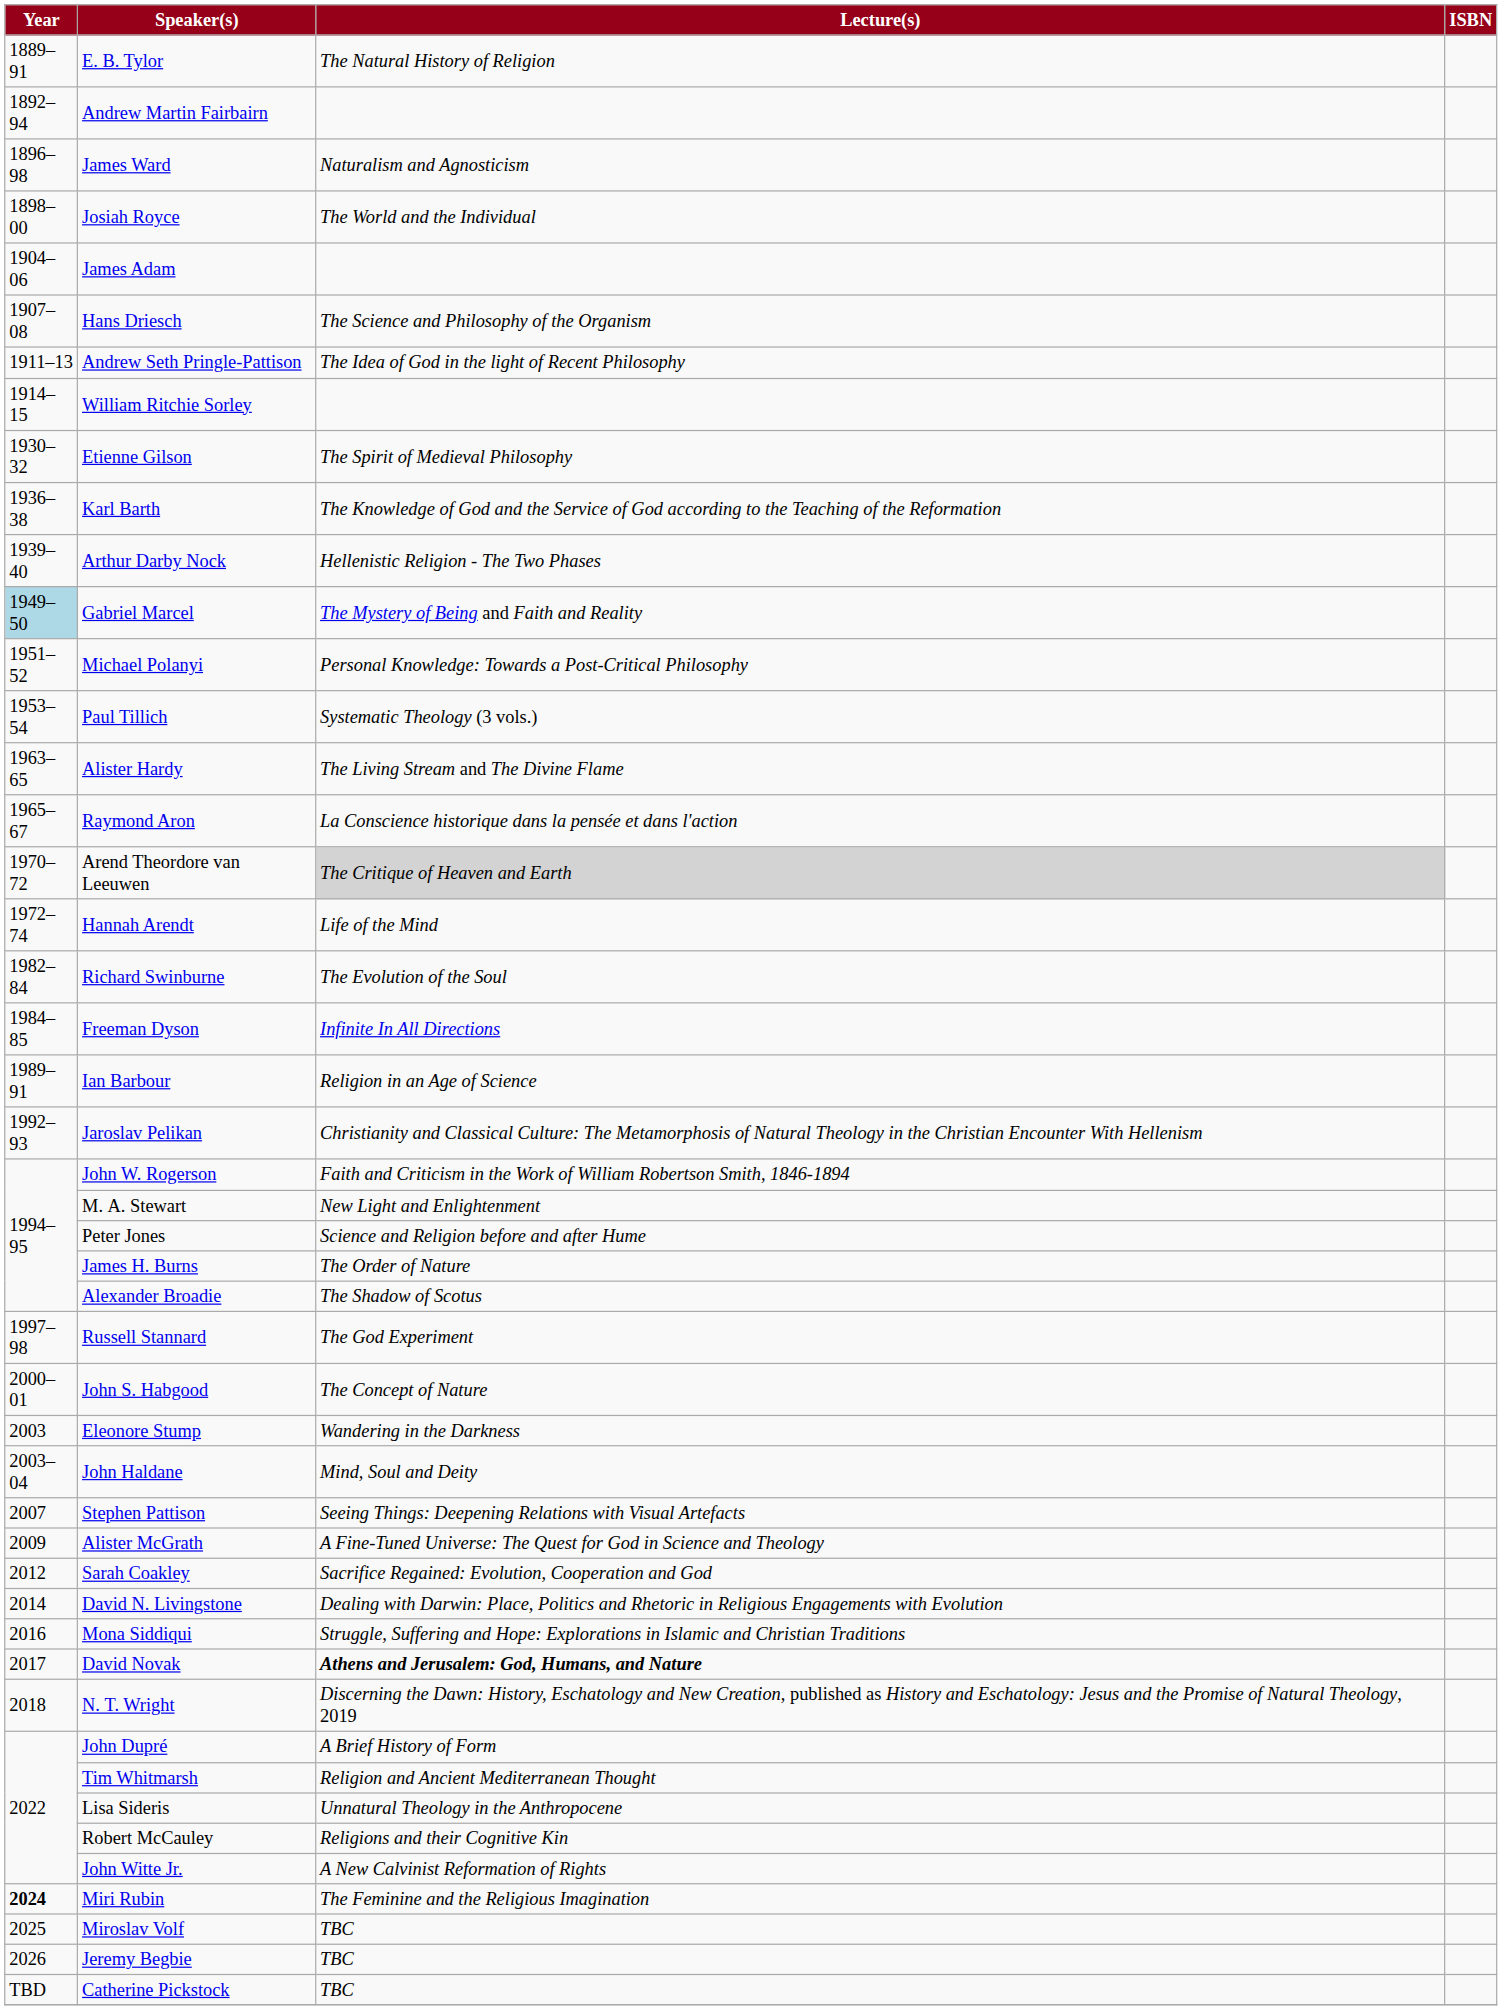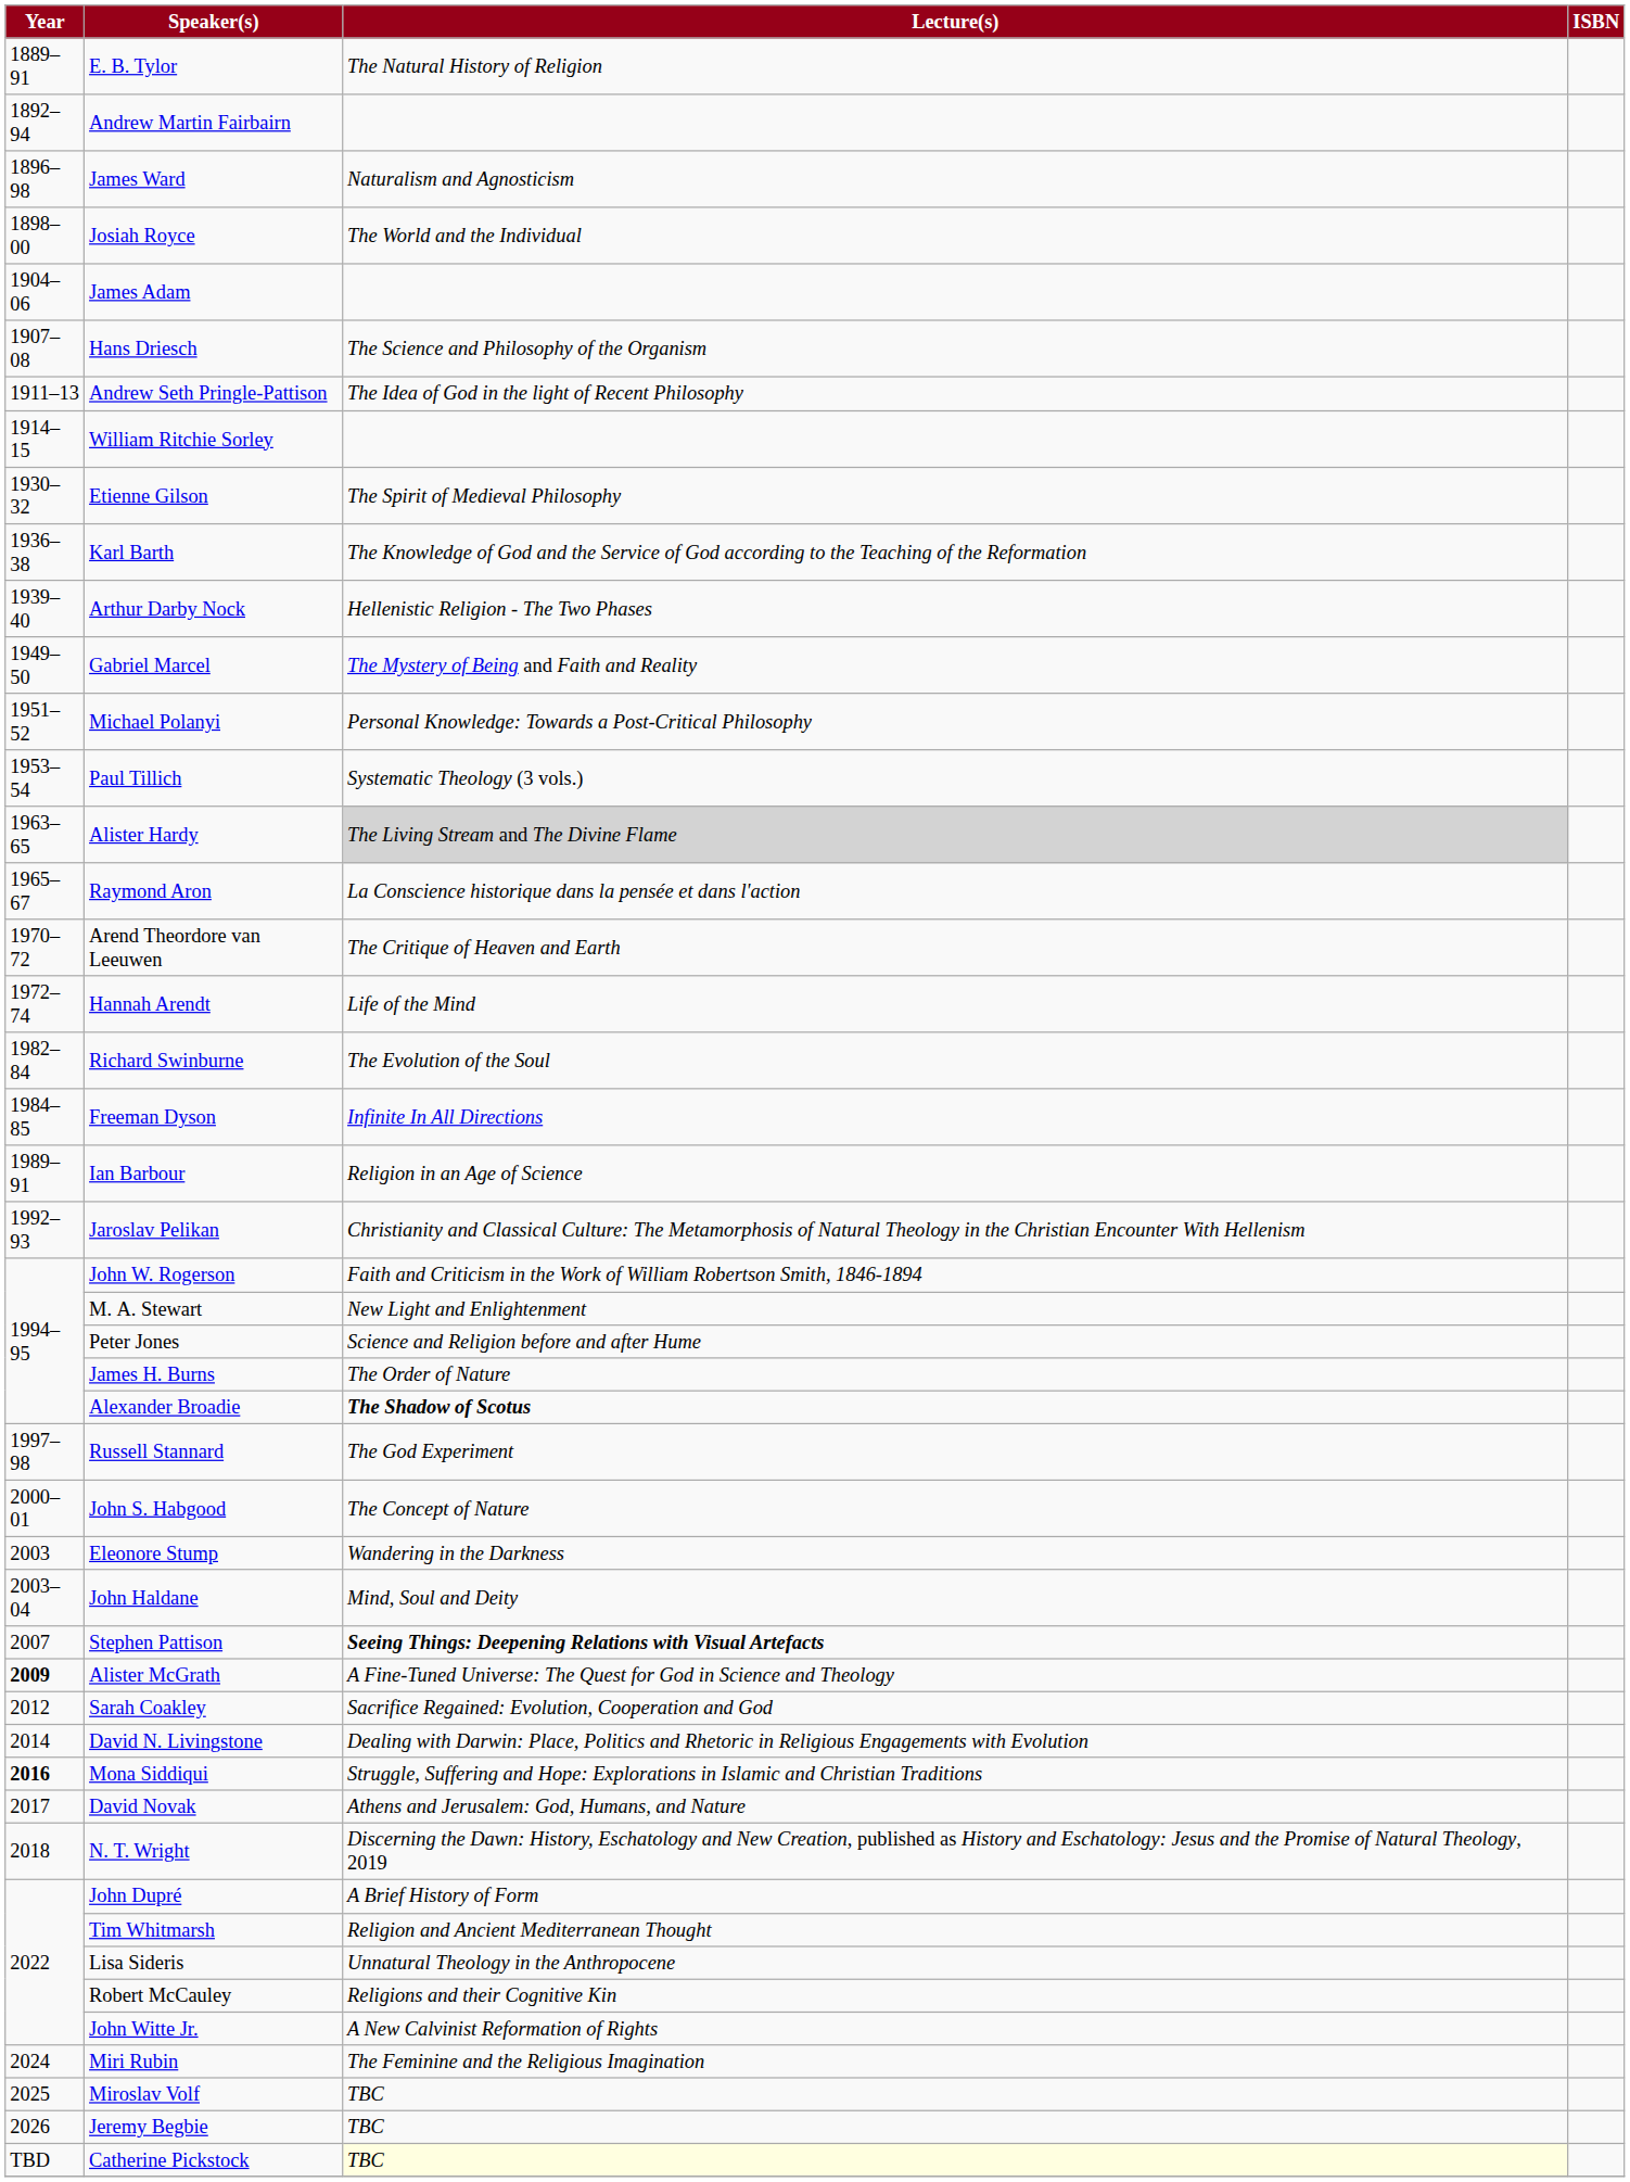 <table class="wikitable collapsible" style="font-size:95%; text-align:left; margin-left:1em;"|->
 <tr>
 <th style="background:#960018;color:#FFFFFF;">Year</th>
 <th style="background:#960018;color:#FFFFFF;">Speaker(s)</th>
 <th style="background:#960018;color:#FFFFFF;">Lecture(s)</th>
 <th style="background:#960018;color:#FFFFFF;">ISBN</th>
 </tr>
 <tr>
 <td>1889–91</td>
 <td><a href='#'>E. B. Tylor</a></td>
 <td><em>The Natural History of Religion</em></td>
 <td></td>
 </tr>
 <tr>
 <td>1892–94</td>
 <td><a href='#'>Andrew Martin Fairbairn</a></td>
 <td><em></em></td>
 <td></td>
 </tr>
 <tr>
 <td>1896–98</td>
 <td><a href='#'>James Ward</a></td>
 <td><em>Naturalism and Agnosticism</em></td>
 <td></td>
 </tr>
 <tr>
 <td>1898–00</td>
 <td><a href='#'>Josiah Royce</a></td>
 <td><em>The World and the Individual</em></td>
 <td></td>
 </tr>
 <tr>
 <td>1904–06</td>
 <td><a href='#'>James Adam</a></td>
 <td></td>
 <td></td>
 </tr>
 <tr>
 <td>1907–08</td>
 <td><a href='#'>Hans Driesch</a></td>
 <td><em>The Science and Philosophy of the Organism</em></td>
 <td></td>
 </tr>
 <tr>
 <td>1911–13</td>
 <td><a href='#'>Andrew Seth Pringle-Pattison</a></td>
 <td><em>The Idea of God in the light of Recent Philosophy</em></td>
 <td></td>
 </tr>
 <tr>
 <td>1914–15</td>
 <td><a href='#'>William Ritchie Sorley</a></td>
 <td></td>
 <td></td>
 </tr>
 <tr>
 <td>1930–32</td>
 <td><a href='#'>Etienne Gilson</a></td>
 <td><em>The Spirit of Medieval Philosophy</em></td>
 <td></td>
 </tr>
 <tr>
 <td>1936–38</td>
 <td><a href='#'>Karl Barth</a></td>
 <td><em>The Knowledge of God and the Service of God according to the Teaching of the Reformation</em></td>
 <td></td>
 </tr>
 <tr>
 <td>1939–40</td>
 <td><a href='#'>Arthur Darby Nock</a></td>
 <td><em>Hellenistic Religion - The Two Phases</em></td>
 <td></td>
 </tr>
 <tr>
-<td style="background: lightblue;">1949–50</td>
+<td>1949–50</td>
 <td><a href='#'>Gabriel Marcel</a></td>
 <td><em><a href='#'>The Mystery of Being</a></em> and <em> Faith and Reality</em></td>
 <td><br></td>
 </tr>
 <tr>
 <td>1951–52</td>
 <td><a href='#'>Michael Polanyi</a></td>
 <td><em>Personal Knowledge: Towards a Post-Critical Philosophy</em></td>
 <td></td>
 </tr>
 <tr>
 <td>1953–54</td>
 <td><a href='#'>Paul Tillich</a></td>
 <td><em>Systematic Theology</em> (3 vols.)</td>
 <td><br><br></td>
 </tr>
 <tr>
 <td>1963–65</td>
 <td><a href='#'>Alister Hardy</a></td>
-<td><em>The Living Stream</em> and <em>The Divine Flame</em></td>
+<td style="background: lightgrey;"><em>The Living Stream</em> and <em>The Divine Flame</em></td>
 <td></td>
 </tr>
 <tr>
 <td>1965–67</td>
 <td><a href='#'>Raymond Aron</a></td>
 <td><em>La Conscience historique dans la pensée et dans l'action</em></td>
 <td></td>
 </tr>
 <tr>
 <td>1970–72</td>
 <td>Arend Theordore van Leeuwen</td>
-<td style="background: lightgrey;"><em>The Critique of Heaven and Earth</em></td>
+<td><em>The Critique of Heaven and Earth</em></td>
 <td></td>
 </tr>
 <tr>
 <td>1972–74</td>
 <td><a href='#'>Hannah Arendt</a></td>
 <td><em>Life of the Mind</em></td>
 <td></td>
 </tr>
 <tr>
 <td>1982–84</td>
 <td><a href='#'>Richard Swinburne</a></td>
 <td><em>The Evolution of the Soul</em></td>
 <td></td>
 </tr>
 <tr>
 <td>1984–85</td>
 <td><a href='#'>Freeman Dyson</a></td>
 <td><em><a href='#'>Infinite In All Directions</a></em></td>
 <td></td>
 </tr>
 <tr>
 <td>1989–91</td>
 <td><a href='#'>Ian Barbour</a></td>
 <td><em>Religion in an Age of Science</em></td>
 <td></td>
 </tr>
 <tr>
 <td>1992–93</td>
 <td><a href='#'>Jaroslav Pelikan</a></td>
 <td><em>Christianity and Classical Culture: The Metamorphosis of Natural Theology in the Christian Encounter With Hellenism</em></td>
 <td></td>
 </tr>
 <tr>
 <td rowspan="5">1994–95</td>
 <td><a href='#'>John W. Rogerson</a></td>
 <td><em>Faith and Criticism in the Work of William Robertson Smith, 1846-1894</em></td>
 <td></td>
 </tr>
 <tr>
 <td>M. A. Stewart</td>
 <td><em>New Light and Enlightenment</em></td>
 <td></td>
 </tr>
 <tr>
 <td>Peter Jones</td>
 <td><em>Science and Religion before and after Hume</em></td>
 <td></td>
 </tr>
 <tr>
 <td><a href='#'>James H. Burns</a></td>
 <td><em>The Order of Nature</em></td>
 <td></td>
 </tr>
 <tr>
 <td><a href='#'>Alexander Broadie</a></td>
-<td><em>The Shadow of Scotus</em></td>
+<td><strong><em>The Shadow of Scotus</em></strong></td>
 <td></td>
 </tr>
 <tr>
 <td>1997–98</td>
 <td><a href='#'>Russell Stannard</a></td>
 <td><em>The God Experiment</em></td>
 <td></td>
 </tr>
 <tr>
 <td>2000–01</td>
 <td><a href='#'>John S. Habgood</a></td>
 <td><em>The Concept of Nature</em></td>
 <td></td>
 </tr>
 <tr>
 <td>2003</td>
 <td><a href='#'>Eleonore Stump</a></td>
 <td><em>Wandering in the Darkness</em></td>
 <td></td>
 </tr>
 <tr>
 <td>2003–04</td>
 <td><a href='#'>John Haldane</a></td>
 <td><em>Mind, Soul and Deity</em></td>
 <td></td>
 </tr>
 <tr>
 <td>2007</td>
 <td><a href='#'>Stephen Pattison</a></td>
-<td><em>Seeing Things: Deepening Relations with Visual Artefacts</em></td>
+<td><strong><em>Seeing Things: Deepening Relations with Visual Artefacts</em></strong></td>
 <td></td>
 </tr>
 <tr>
-<td>2009</td>
+<td><strong>2009</strong></td>
 <td><a href='#'>Alister McGrath</a></td>
 <td><em>A Fine-Tuned Universe: The Quest for God in Science and Theology</em></td>
 <td></td>
 </tr>
 <tr>
 <td>2012</td>
 <td><a href='#'>Sarah Coakley</a></td>
 <td><em>Sacrifice Regained: Evolution, Cooperation and God</em></td>
 <td></td>
 </tr>
 <tr>
 <td>2014</td>
 <td><a href='#'>David N. Livingstone</a></td>
 <td><em>Dealing with Darwin:  Place, Politics and Rhetoric in Religious Engagements with Evolution</em></td>
 <td></td>
 </tr>
 <tr>
-<td>2016</td>
+<td><strong>2016</strong></td>
 <td><a href='#'>Mona Siddiqui</a></td>
 <td><em>Struggle, Suffering and Hope: Explorations in Islamic and Christian Traditions</em></td>
 <td></td>
 </tr>
 <tr>
 <td>2017</td>
 <td><a href='#'>David Novak</a></td>
-<td><strong><em>Athens and Jerusalem: God, Humans, and Nature</em></strong></td>
+<td><em>Athens and Jerusalem: God, Humans, and Nature</em></td>
 <td></td>
 </tr>
 <tr>
 <td>2018</td>
 <td><a href='#'>N.&nbsp;T. Wright</a></td>
 <td><em>Discerning the Dawn: History, Eschatology and New Creation</em>, published as <em>History and Eschatology: Jesus and the Promise of Natural Theology</em>, 2019</td>
 <td></td>
 </tr>
 <tr>
 <td rowspan="5">2022</td>
 <td><a href='#'>John Dupré</a></td>
 <td><em>A Brief History of Form</em></td>
 <td></td>
 </tr>
 <tr>
 <td><a href='#'>Tim Whitmarsh</a></td>
 <td><em>Religion and Ancient Mediterranean Thought</em></td>
 <td></td>
 </tr>
 <tr>
 <td>Lisa Sideris</td>
 <td><em>Unnatural Theology in the Anthropocene</em></td>
 <td></td>
 </tr>
 <tr>
 <td>Robert McCauley</td>
 <td><em>Religions and their Cognitive Kin</em></td>
 <td></td>
 </tr>
 <tr>
 <td><a href='#'>John Witte Jr.</a></td>
 <td><em>A New Calvinist Reformation of Rights</em></td>
 <td></td>
 </tr>
 <tr>
-<td><strong>2024</strong></td>
+<td>2024</td>
 <td><a href='#'>Miri Rubin</a></td>
 <td><em>The Feminine and the Religious Imagination</em></td>
 <td></td>
 </tr>
 <tr>
 <td>2025</td>
 <td><a href='#'>Miroslav Volf</a></td>
 <td><em>TBC</em></td>
 <td></td>
 </tr>
 <tr>
 <td>2026</td>
 <td><a href='#'>Jeremy Begbie</a></td>
 <td><em>TBC</em></td>
 <td></td>
 </tr>
 <tr>
 <td>TBD</td>
 <td><a href='#'>Catherine Pickstock</a></td>
-<td><em>TBC</em></td>
+<td style="background: lightyellow;"><em>TBC</em></td>
 <td></td>
 </tr>
 <tr>
 </tr>
 </table>
